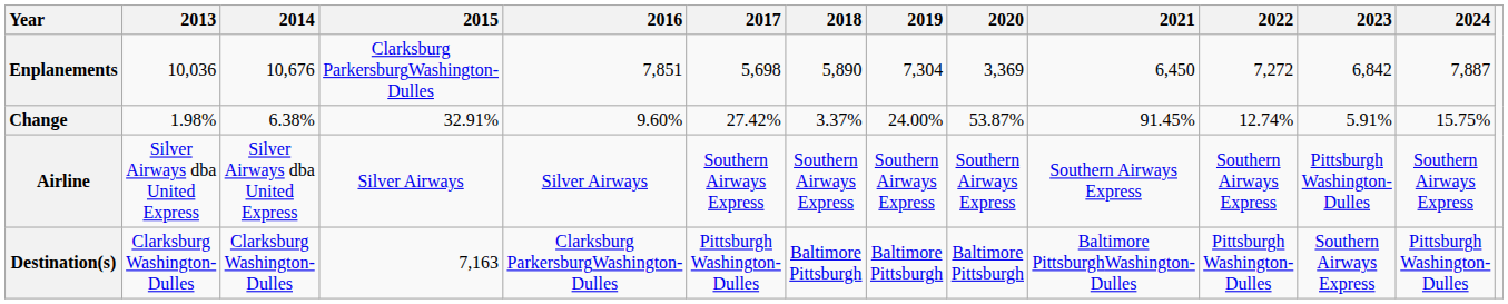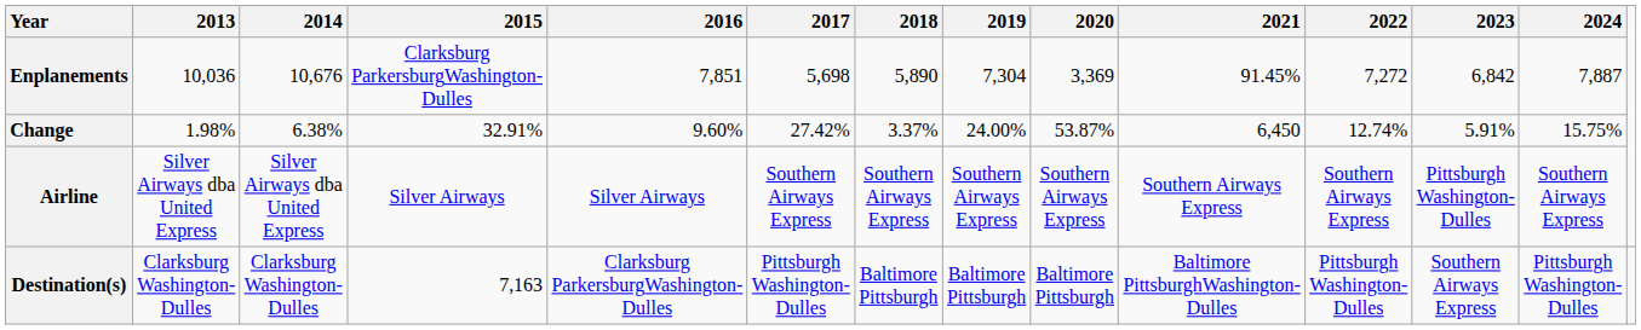 <table class="wikitable" style="font-size:95%;">
 <tr>
 <th style="text-align:left;">Year</th>
 <th style="text-align:right;">2013</th>
 <th style="text-align:right;">2014</th>
 <th style="text-align:right;">2015</th>
 <th style="text-align:right;">2016</th>
 <th style="text-align:right;">2017</th>
 <th style="text-align:right;">2018</th>
 <th style="text-align:right;">2019</th>
 <th style="text-align:right;">2020</th>
 <th style="text-align:right;">2021</th>
 <th style="text-align:right;">2022</th>
 <th style="text-align:right;">2023</th>
 <th style="text-align:right;">2024</th>
 </tr>
 <tr>
 <th style="text-align:left;">Enplanements</th>
 <td style="text-align:right;">10,036</td>
 <td style="text-align:right;">10,676</td>
 <td style="text-align:center;"><a href='#'>Clarksburg</a><br><a href='#'>Parkersburg</a><a href='#'>Washington-Dulles</a></td>
 <td style="text-align:right;">7,851</td>
 <td style="text-align:right;">5,698</td>
 <td style="text-align:right;">5,890</td>
 <td style="text-align:right;">7,304</td>
 <td style="text-align:right;">3,369</td>
-<td style="text-align:right;">6,450</td>
+<td style="text-align:right;">91.45%</td>
 <td style="text-align:right;">7,272</td>
 <td style="text-align:right;">6,842</td>
 <td style="text-align:right;">7,887</td>
 </tr>
 <tr>
 <th style="text-align:left;">Change</th>
 <td style="text-align:right;">1.98%</td>
 <td style="text-align:right;">6.38%</td>
 <td style="text-align:right;">32.91%</td>
 <td style="text-align:right;">9.60%</td>
 <td style="text-align:right;">27.42%</td>
 <td style="text-align:right;">3.37%</td>
 <td style="text-align:right;">24.00%</td>
 <td style="text-align:right;">53.87%</td>
-<td style="text-align:right;">91.45%</td>
+<td style="text-align:right;">6,450</td>
 <td style="text-align:right;">12.74%</td>
 <td style="text-align:right;">5.91%</td>
 <td style="text-align:right;">15.75%</td>
 </tr>
 <tr>
 <th>Airline</th>
 <td style="text-align:center;"><a href='#'>Silver Airways</a> dba <a href='#'>United Express</a></td>
 <td style="text-align:center;"><a href='#'>Silver Airways</a> dba <a href='#'>United Express</a></td>
 <td style="text-align:center;"><a href='#'>Silver Airways</a></td>
 <td style="text-align:center;"><a href='#'>Silver Airways</a></td>
 <td style="text-align:center;"><a href='#'>Southern Airways Express</a></td>
 <td style="text-align:center;"><a href='#'>Southern Airways Express</a></td>
 <td style="text-align:center;"><a href='#'>Southern Airways Express</a></td>
 <td style="text-align:center;"><a href='#'>Southern Airways Express</a></td>
 <td style="text-align:center;"><a href='#'>Southern Airways Express</a></td>
 <td style="text-align:center;"><a href='#'>Southern Airways Express</a></td>
 <td style="text-align:center;"><a href='#'>Pittsburgh</a><br><a href='#'>Washington-Dulles</a></td>
 <td style="text-align:center;"><a href='#'>Southern Airways Express</a></td>
 </tr>
 <tr>
 <th>Destination(s)</th>
 <td style="text-align:center;"><a href='#'>Clarksburg</a><br><a href='#'>Washington-Dulles</a></td>
 <td style="text-align:center;"><a href='#'>Clarksburg</a><br><a href='#'>Washington-Dulles</a></td>
 <td style="text-align:right;">7,163</td>
 <td style="text-align:center;"><a href='#'>Clarksburg</a><br><a href='#'>Parkersburg</a><a href='#'>Washington-Dulles</a></td>
 <td style="text-align:center;"><a href='#'>Pittsburgh</a><br><a href='#'>Washington-Dulles</a></td>
 <td style="text-align:center;"><a href='#'>Baltimore</a><br><a href='#'>Pittsburgh</a></td>
 <td style="text-align:center;"><a href='#'>Baltimore</a><br><a href='#'>Pittsburgh</a></td>
 <td style="text-align:center;"><a href='#'>Baltimore</a><br><a href='#'>Pittsburgh</a></td>
 <td style="text-align:center;"><a href='#'>Baltimore</a><br><a href='#'>Pittsburgh</a><a href='#'>Washington-Dulles</a></td>
 <td style="text-align:center;"><a href='#'>Pittsburgh</a><br><a href='#'>Washington-Dulles</a></td>
 <td style="text-align:center;"><a href='#'>Southern Airways Express</a></td>
 <td style="text-align:center;"><a href='#'>Pittsburgh</a><br><a href='#'>Washington-Dulles</a></td>
 <td></td>
 </tr>
 </table>
